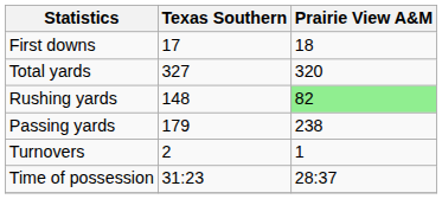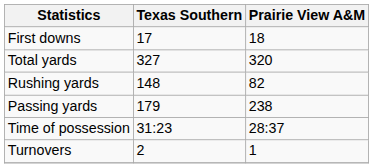 <table class="wikitable">
 <tr>
 <th>Statistics</th>
 <th>Texas Southern</th>
 <th>Prairie View A&M</th>
 </tr>
 <tr>
 <td>First downs</td>
 <td>17</td>
 <td>18</td>
 </tr>
 <tr>
 <td>Total yards</td>
 <td>327</td>
 <td>320</td>
 </tr>
 <tr>
 <td>Rushing yards</td>
 <td>148</td>
-<td style="background: lightgreen;">82</td>
+<td>82</td>
 </tr>
 <tr>
 <td>Passing yards</td>
 <td>179</td>
 <td>238</td>
 </tr>
 <tr>
+<td>Time of possession</td>
+<td>31:23</td>
+<td>28:37</td>
+</tr>
+<tr>
 <td>Turnovers</td>
 <td>2</td>
 <td>1</td>
 </tr>
 <tr>
-<td>Time of possession</td>
-<td>31:23</td>
-<td>28:37</td>
-</tr>
-<tr>
 </tr>
 </table>
